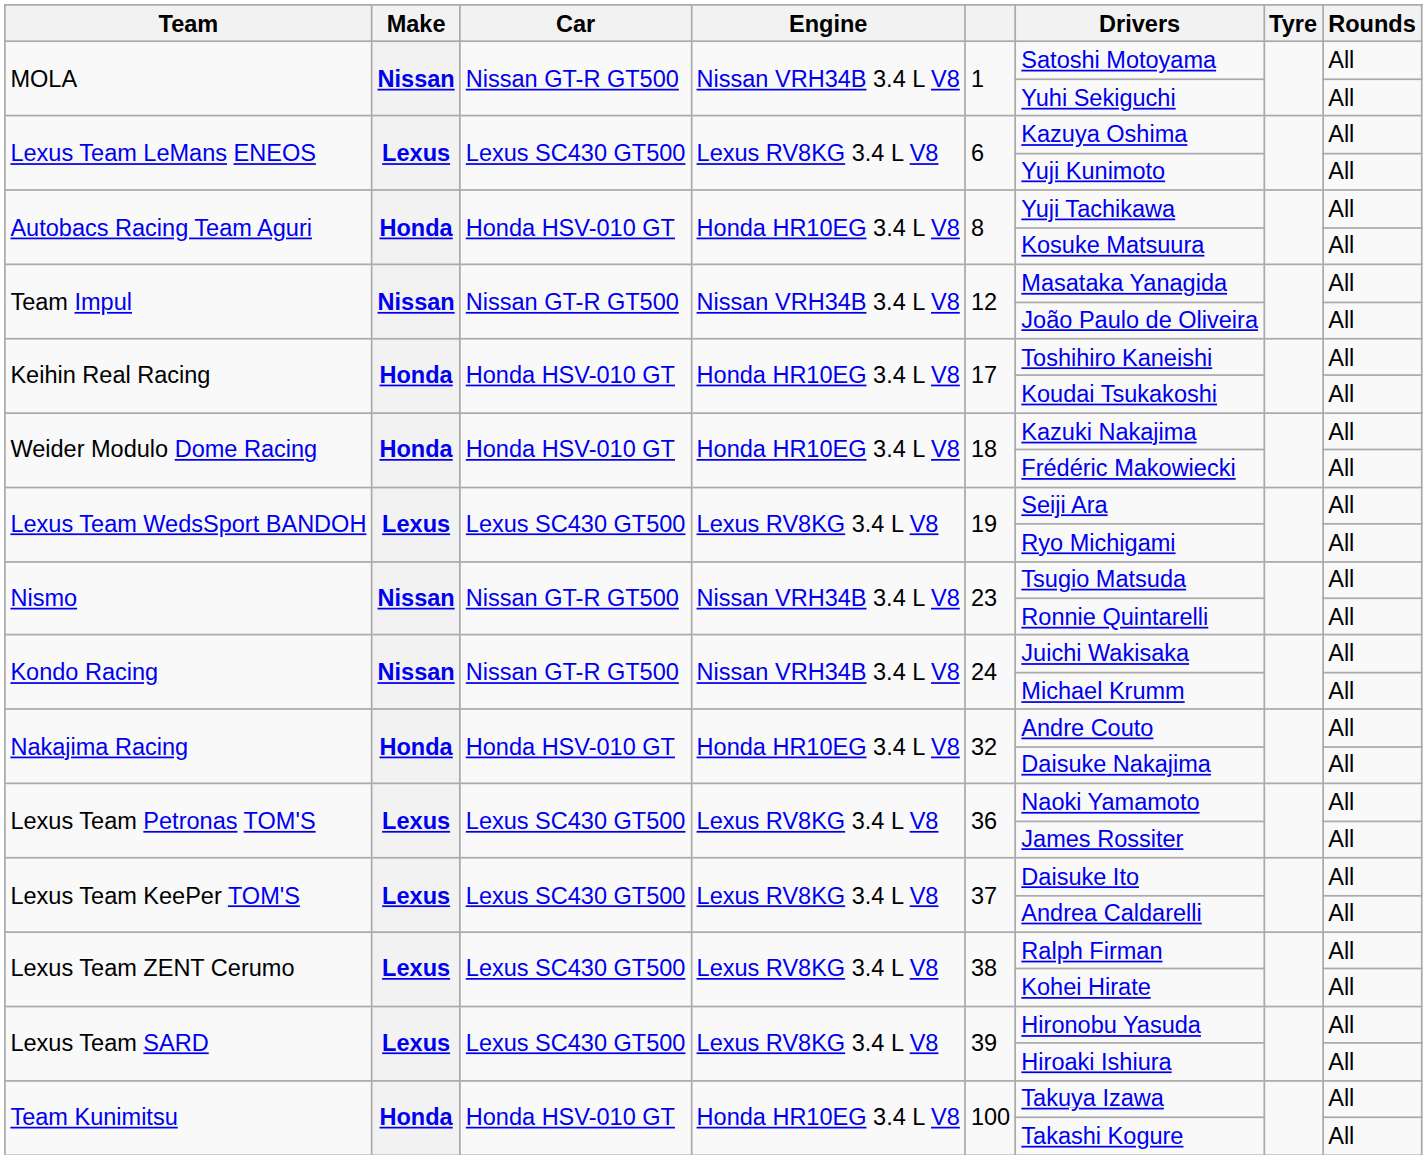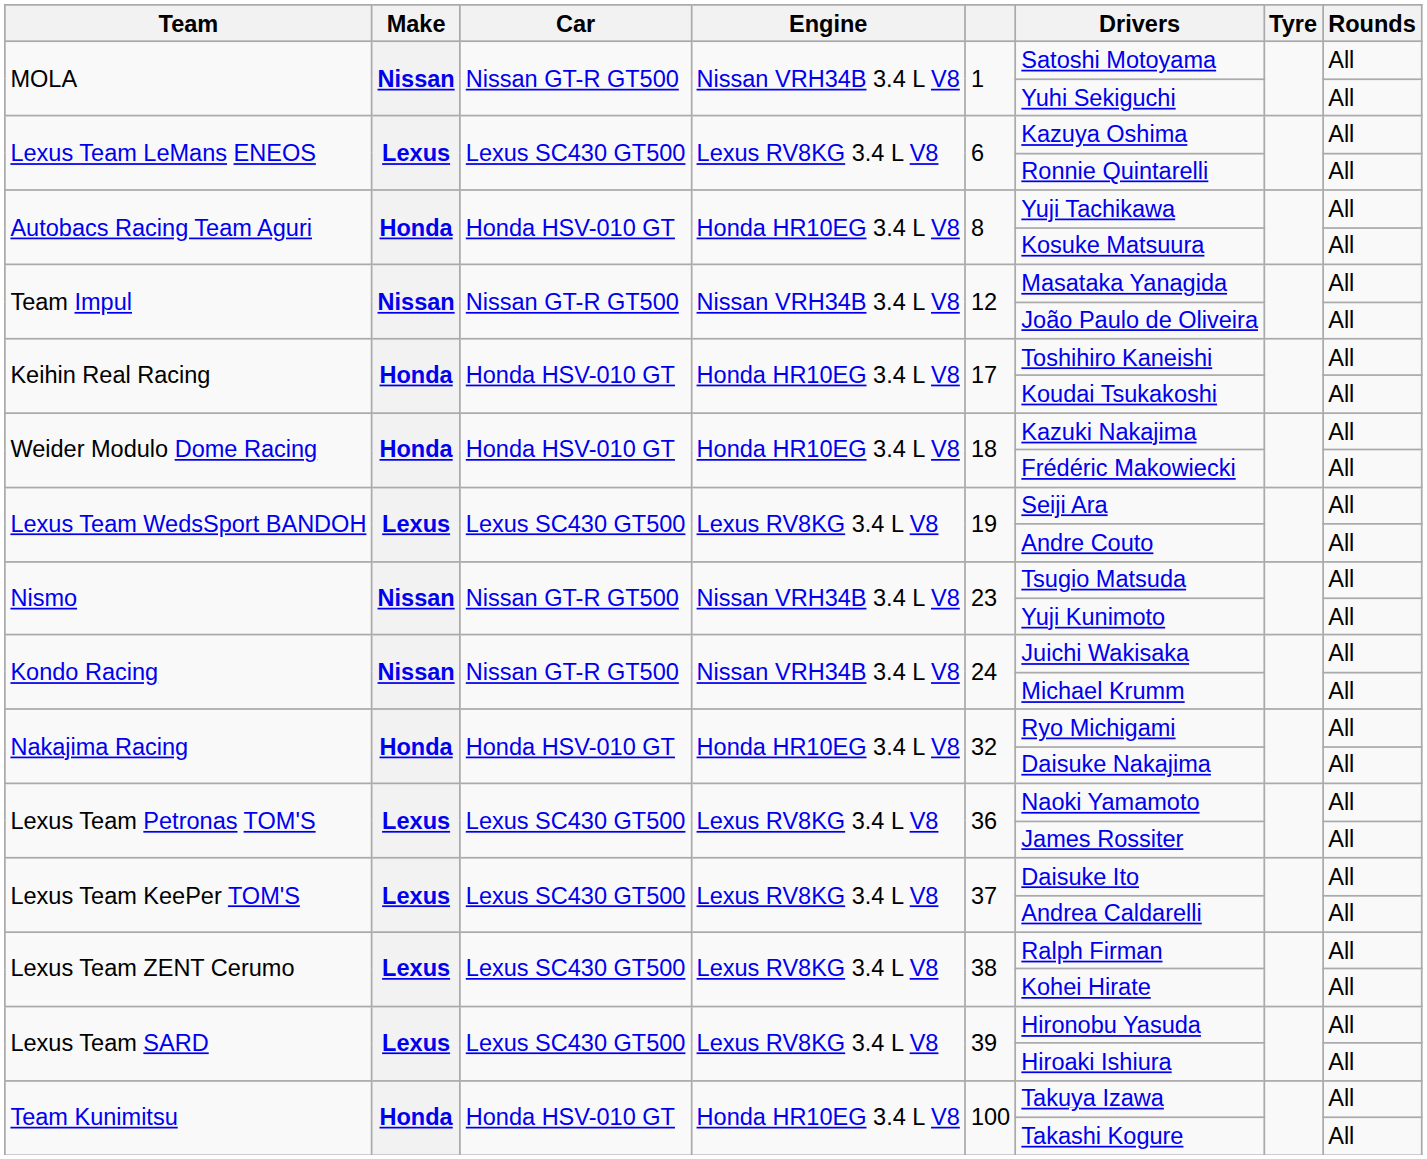 <table class="wikitable" style="font-size: 85%;">
 <tr>
 <th>Team</th>
 <th>Make</th>
 <th>Car</th>
 <th>Engine</th>
 <th></th>
 <th>Drivers</th>
 <th>Tyre</th>
 <th>Rounds</th>
 </tr>
 <tr>
 <td rowspan=2> MOLA</td>
 <th rowspan=2><a href='#'>Nissan</a></th>
 <td rowspan=2><a href='#'>Nissan GT-R GT500</a></td>
 <td rowspan=2><a href='#'>Nissan VRH34B</a> 3.4 L <a href='#'>V8</a></td>
 <td rowspan=2>1</td>
 <td> <a href='#'>Satoshi Motoyama</a></td>
 <td align=center rowspan=2></td>
 <td>All</td>
 </tr>
 <tr>
 <td> <a href='#'>Yuhi Sekiguchi</a></td>
 <td>All</td>
 </tr>
 <tr>
 <td rowspan=2> <a href='#'>Lexus Team LeMans</a> <a href='#'>ENEOS</a></td>
 <th rowspan=2><a href='#'>Lexus</a></th>
 <td rowspan=2><a href='#'>Lexus SC430 GT500</a></td>
 <td rowspan=2><a href='#'>Lexus RV8KG</a> 3.4 L <a href='#'>V8</a></td>
 <td rowspan=2>6</td>
 <td> <a href='#'>Kazuya Oshima</a></td>
 <td align=center rowspan=2></td>
 <td>All</td>
 </tr>
 <tr>
-<td> <a href='#'>Yuji Kunimoto</a></td>
+<td> <a href='#'>Ronnie Quintarelli</a></td>
 <td>All</td>
 </tr>
 <tr>
 <td rowspan=2> <a href='#'>Autobacs Racing Team Aguri</a></td>
 <th rowspan=2><a href='#'>Honda</a></th>
 <td rowspan=2><a href='#'>Honda HSV-010 GT</a></td>
 <td rowspan=2><a href='#'>Honda HR10EG</a> 3.4 L <a href='#'>V8</a></td>
 <td rowspan=2>8</td>
 <td> <a href='#'>Yuji Tachikawa</a></td>
 <td align=center rowspan=2></td>
 <td>All</td>
 </tr>
 <tr>
 <td> <a href='#'>Kosuke Matsuura</a></td>
 <td>All</td>
 </tr>
 <tr>
 <td rowspan=2> Team <a href='#'>Impul</a></td>
 <th rowspan=2><a href='#'>Nissan</a></th>
 <td rowspan=2><a href='#'>Nissan GT-R GT500</a></td>
 <td rowspan=2><a href='#'>Nissan VRH34B</a> 3.4 L <a href='#'>V8</a></td>
 <td rowspan=2>12</td>
 <td> <a href='#'>Masataka Yanagida</a></td>
 <td align=center rowspan=2></td>
 <td>All</td>
 </tr>
 <tr>
 <td> <a href='#'>João Paulo de Oliveira</a></td>
 <td>All</td>
 </tr>
 <tr>
 <td rowspan=2> Keihin Real Racing</td>
 <th rowspan=2><a href='#'>Honda</a></th>
 <td rowspan=2><a href='#'>Honda HSV-010 GT</a></td>
 <td rowspan=2><a href='#'>Honda HR10EG</a> 3.4 L <a href='#'>V8</a></td>
 <td rowspan=2>17</td>
 <td> <a href='#'>Toshihiro Kaneishi</a></td>
 <td align=center rowspan=2></td>
 <td>All</td>
 </tr>
 <tr>
 <td> <a href='#'>Koudai Tsukakoshi</a></td>
 <td>All</td>
 </tr>
 <tr>
 <td rowspan=2> Weider Modulo <a href='#'>Dome Racing</a></td>
 <th rowspan=2><a href='#'>Honda</a></th>
 <td rowspan=2><a href='#'>Honda HSV-010 GT</a></td>
 <td rowspan=2><a href='#'>Honda HR10EG</a> 3.4 L <a href='#'>V8</a></td>
 <td rowspan=2>18</td>
 <td> <a href='#'>Kazuki Nakajima</a></td>
 <td align=center rowspan=2></td>
 <td>All</td>
 </tr>
 <tr>
 <td> <a href='#'>Frédéric Makowiecki</a></td>
 <td>All</td>
 </tr>
 <tr>
 <td rowspan=2> <a href='#'>Lexus Team WedsSport BANDOH</a></td>
 <th rowspan=2><a href='#'>Lexus</a></th>
 <td rowspan=2><a href='#'>Lexus SC430 GT500</a></td>
 <td rowspan=2><a href='#'>Lexus RV8KG</a> 3.4 L <a href='#'>V8</a></td>
 <td rowspan=2>19</td>
 <td> <a href='#'>Seiji Ara</a></td>
 <td align=center rowspan=2></td>
 <td>All</td>
 </tr>
 <tr>
-<td> <a href='#'>Ryo Michigami</a></td>
+<td> <a href='#'>Andre Couto</a></td>
 <td>All</td>
 </tr>
 <tr>
 <td rowspan=2> <a href='#'>Nismo</a></td>
 <th rowspan=2><a href='#'>Nissan</a></th>
 <td rowspan=2><a href='#'>Nissan GT-R GT500</a></td>
 <td rowspan=2><a href='#'>Nissan VRH34B</a> 3.4 L <a href='#'>V8</a></td>
 <td rowspan=2>23</td>
 <td> <a href='#'>Tsugio Matsuda</a></td>
 <td align=center rowspan=2></td>
 <td>All</td>
 </tr>
 <tr>
-<td> <a href='#'>Ronnie Quintarelli</a></td>
+<td> <a href='#'>Yuji Kunimoto</a></td>
 <td>All</td>
 </tr>
 <tr>
 <td rowspan=2> <a href='#'>Kondo Racing</a></td>
 <th rowspan=2><a href='#'>Nissan</a></th>
 <td rowspan=2><a href='#'>Nissan GT-R GT500</a></td>
 <td rowspan=2><a href='#'>Nissan VRH34B</a> 3.4 L <a href='#'>V8</a></td>
 <td rowspan=2>24</td>
 <td> <a href='#'>Juichi Wakisaka</a></td>
 <td align=center rowspan=2></td>
 <td>All</td>
 </tr>
 <tr>
 <td> <a href='#'>Michael Krumm</a></td>
 <td>All</td>
 </tr>
 <tr>
 <td rowspan=2> <a href='#'>Nakajima Racing</a></td>
 <th rowspan=2><a href='#'>Honda</a></th>
 <td rowspan=2><a href='#'>Honda HSV-010 GT</a></td>
 <td rowspan=2><a href='#'>Honda HR10EG</a> 3.4 L <a href='#'>V8</a></td>
 <td rowspan=2>32</td>
-<td> <a href='#'>Andre Couto</a></td>
+<td> <a href='#'>Ryo Michigami</a></td>
 <td align=center rowspan=2></td>
 <td>All</td>
 </tr>
 <tr>
 <td> <a href='#'>Daisuke Nakajima</a></td>
 <td>All</td>
 </tr>
 <tr>
 <td rowspan=2> Lexus Team <a href='#'>Petronas</a> <a href='#'>TOM'S</a></td>
 <th rowspan=2><a href='#'>Lexus</a></th>
 <td rowspan=2><a href='#'>Lexus SC430 GT500</a></td>
 <td rowspan=2><a href='#'>Lexus RV8KG</a> 3.4 L <a href='#'>V8</a></td>
 <td rowspan=2>36</td>
 <td> <a href='#'>Naoki Yamamoto</a></td>
 <td align=center rowspan=2></td>
 <td>All</td>
 </tr>
 <tr>
 <td> <a href='#'>James Rossiter</a></td>
 <td>All</td>
 </tr>
 <tr>
 <td rowspan=2> Lexus Team KeePer <a href='#'>TOM'S</a></td>
 <th rowspan=2><a href='#'>Lexus</a></th>
 <td rowspan=2><a href='#'>Lexus SC430 GT500</a></td>
 <td rowspan=2><a href='#'>Lexus RV8KG</a> 3.4 L <a href='#'>V8</a></td>
 <td rowspan=2>37</td>
 <td> <a href='#'>Daisuke Ito</a></td>
 <td align=center rowspan=2></td>
 <td>All</td>
 </tr>
 <tr>
 <td> <a href='#'>Andrea Caldarelli</a></td>
 <td>All</td>
 </tr>
 <tr>
 <td rowspan=2> Lexus Team ZENT Cerumo</td>
 <th rowspan=2><a href='#'>Lexus</a></th>
 <td rowspan=2><a href='#'>Lexus SC430 GT500</a></td>
 <td rowspan=2><a href='#'>Lexus RV8KG</a> 3.4 L <a href='#'>V8</a></td>
 <td rowspan=2>38</td>
 <td> <a href='#'>Ralph Firman</a></td>
 <td align=center rowspan=2></td>
 <td>All</td>
 </tr>
 <tr>
 <td> <a href='#'>Kohei Hirate</a></td>
 <td>All</td>
 </tr>
 <tr>
 <td rowspan=2> Lexus Team <a href='#'>SARD</a></td>
 <th rowspan=2><a href='#'>Lexus</a></th>
 <td rowspan=2><a href='#'>Lexus SC430 GT500</a></td>
 <td rowspan=2><a href='#'>Lexus RV8KG</a> 3.4 L <a href='#'>V8</a></td>
 <td rowspan=2>39</td>
 <td> <a href='#'>Hironobu Yasuda</a></td>
 <td align=center rowspan=2></td>
 <td>All</td>
 </tr>
 <tr>
 <td> <a href='#'>Hiroaki Ishiura</a></td>
 <td>All</td>
 </tr>
 <tr>
 <td rowspan=2> <a href='#'>Team Kunimitsu</a></td>
 <th rowspan=2><a href='#'>Honda</a></th>
 <td rowspan=2><a href='#'>Honda HSV-010 GT</a></td>
 <td rowspan=2><a href='#'>Honda HR10EG</a> 3.4 L <a href='#'>V8</a></td>
 <td rowspan=2>100</td>
 <td> <a href='#'>Takuya Izawa</a></td>
 <td align=center rowspan=2></td>
 <td>All</td>
 </tr>
 <tr>
 <td> <a href='#'>Takashi Kogure</a></td>
 <td>All</td>
 </tr>
 </table>
